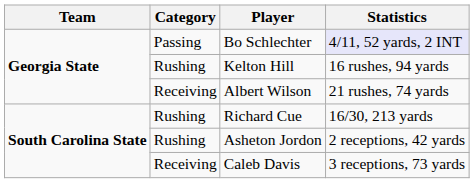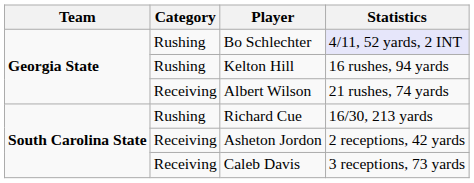 <table class="wikitable" style="float: left;">
 <tr>
 <th>Team</th>
 <th>Category</th>
 <th>Player</th>
 <th>Statistics</th>
 </tr>
 <tr>
 <td rowspan=3><strong>Georgia State</strong></td>
-<td>Passing</td>
+<td>Rushing</td>
 <td>Bo Schlechter</td>
 <td style="background: lavender;">4/11, 52 yards, 2 INT</td>
 </tr>
 <tr>
 <td>Rushing</td>
 <td>Kelton Hill</td>
 <td>16 rushes, 94 yards</td>
 </tr>
 <tr>
 <td>Receiving</td>
 <td>Albert Wilson</td>
 <td>21 rushes, 74 yards</td>
 </tr>
 <tr>
 <td rowspan=3><strong>South Carolina State</strong></td>
 <td>Rushing</td>
 <td>Richard Cue</td>
 <td>16/30, 213 yards</td>
 </tr>
 <tr>
-<td>Rushing</td>
+<td>Receiving</td>
 <td>Asheton Jordon</td>
 <td>2 receptions, 42 yards</td>
 </tr>
 <tr>
 <td>Receiving</td>
 <td>Caleb Davis</td>
 <td>3 receptions, 73 yards</td>
 </tr>
 </table>
